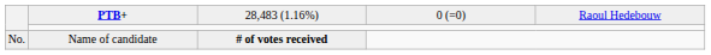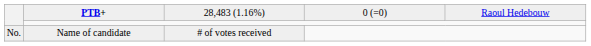 <table class="wikitable collapsible collapsed" style=text-align:left;font-size:90%>
 <tr>
 <th rowspan=2></th>
 <td bgcolor=efefef width=200 align=center><strong> <a href='#'>PTB</a>+</strong></td>
 <td bgcolor=efefef width=200 align=center>28,483 (1.16%)</td>
 <td bgcolor=efefef width=200 align=center>0 (=0)</td>
 <td bgcolor=efefef width=200 align=center><a href='#'>Raoul Hedebouw</a></td>
 </tr>
 <tr>
 <td colspan=4 bgcolor=></td>
 </tr>
 <tr>
 <td bgcolor=efefef align=center>No.</td>
 <td bgcolor=efefef align=center>Name of candidate</td>
-<td bgcolor=efefef align=center><strong># of votes received</strong></td>
+<td bgcolor=efefef align=center># of votes received</td>
 </tr>
 </table>
